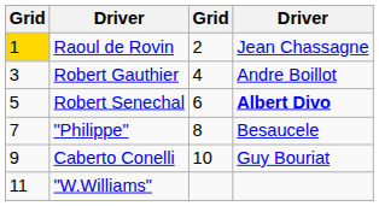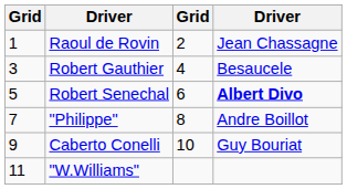 <table class="wikitable">
 <tr>
 <th>Grid</th>
 <th>Driver</th>
 <th>Grid</th>
 <th>Driver</th>
 </tr>
 <tr>
-<td style="background: gold;">1</td>
+<td>1</td>
 <td><a href='#'>Raoul de Rovin</a></td>
 <td>2</td>
 <td><a href='#'>Jean Chassagne</a></td>
 </tr>
 <tr>
 <td>3</td>
 <td><a href='#'>Robert Gauthier</a></td>
 <td>4</td>
-<td><a href='#'>Andre Boillot</a></td>
+<td><a href='#'>Besaucele</a></td>
 </tr>
 <tr>
 <td>5</td>
 <td><a href='#'>Robert Senechal</a></td>
 <td>6</td>
 <td><strong><a href='#'>Albert Divo</a></strong></td>
 </tr>
 <tr>
 <td>7</td>
 <td><a href='#'>"Philippe"</a></td>
 <td>8</td>
-<td><a href='#'>Besaucele</a></td>
+<td><a href='#'>Andre Boillot</a></td>
 </tr>
 <tr>
 <td>9</td>
 <td><a href='#'>Caberto Conelli</a></td>
 <td>10</td>
 <td><a href='#'>Guy Bouriat</a></td>
 </tr>
 <tr>
 <td>11</td>
 <td><a href='#'>"W.Williams"</a></td>
 <td></td>
 <td></td>
 </tr>
 </table>
